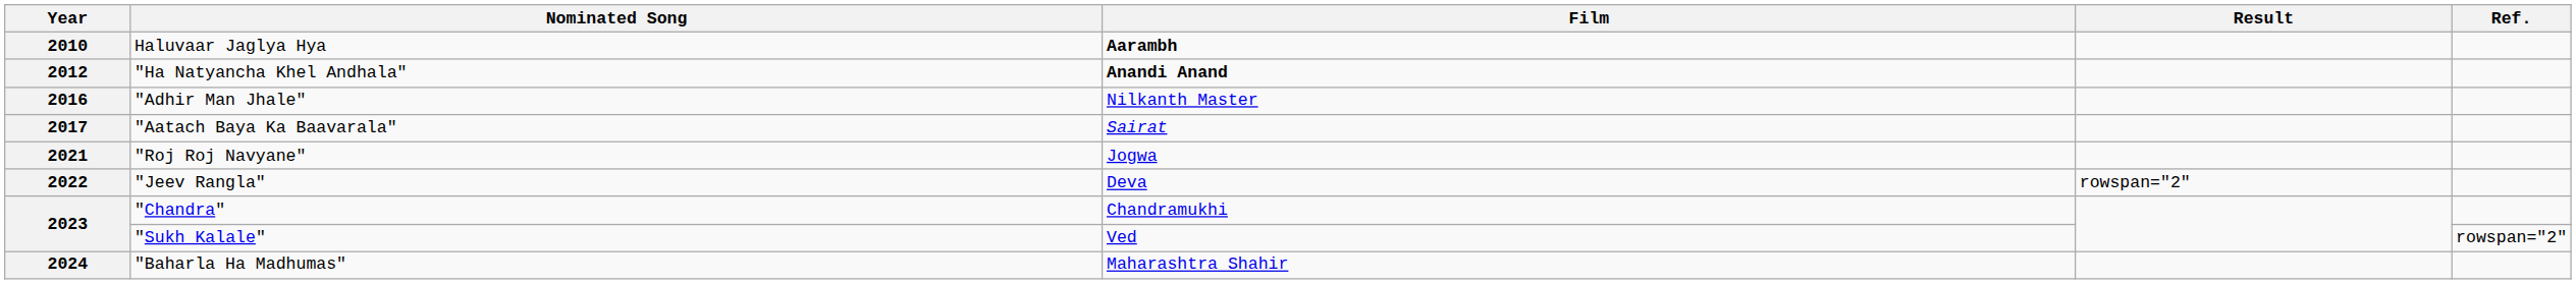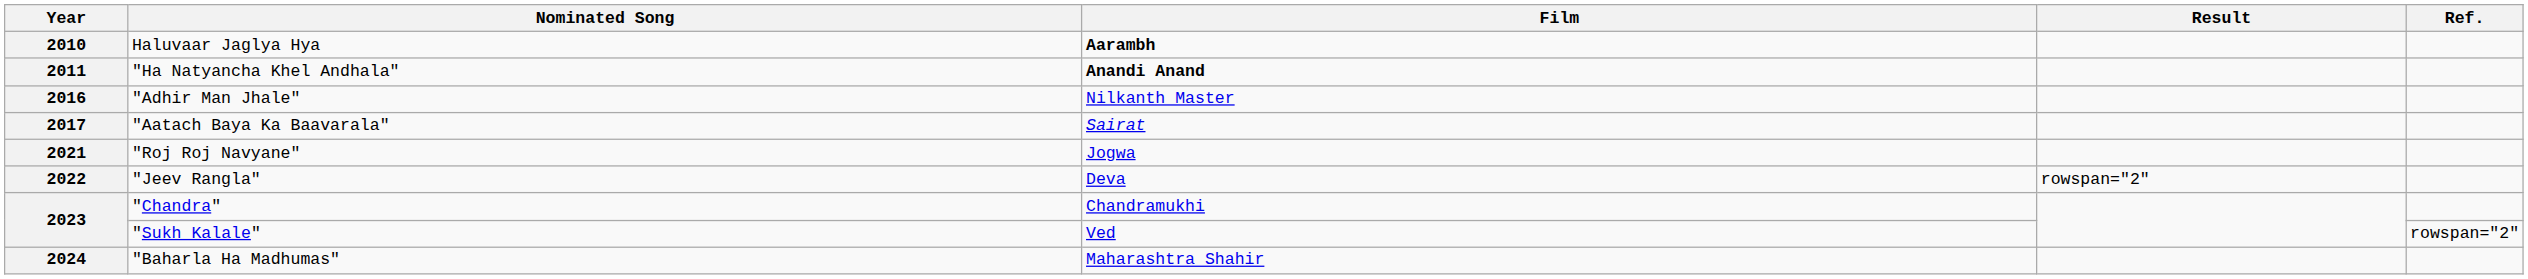 <table class="wikitable plainrowheaders" width="100%" textcolor:#000;">
 <tr>
 <th scope="col" width=5%><strong>Year</strong></th>
 <th scope="col" width=39%><strong>Nominated Song</strong></th>
 <th scope="col" width=39%><strong>Film</strong></th>
 <th scope="col" width=15%><strong>Result</strong></th>
 <th scope="col" width=2%><strong>Ref.</strong></th>
 </tr>
 <tr>
 <th scope="row">2010</th>
 <td>Haluvaar Jaglya Hya</td>
 <td><strong>Aarambh</strong></td>
 <td></td>
 <td></td>
 </tr>
 <tr>
-<th scope="row">2012</th>
+<th scope="row">2011</th>
 <td>"Ha Natyancha Khel Andhala"</td>
 <td><strong>Anandi Anand</strong></td>
 <td></td>
 <td></td>
 </tr>
 <tr>
 <th scope="row">2016</th>
 <td>"Adhir Man Jhale"</td>
 <td><a href='#'>Nilkanth Master</a></td>
 <td></td>
 <td></td>
 </tr>
 <tr>
 <th scope="row">2017</th>
 <td>"Aatach Baya Ka Baavarala"</td>
 <td><em><a href='#'>Sairat</a></em></td>
 <td></td>
 <td></td>
 </tr>
 <tr>
 <th scope="row">2021</th>
 <td>"Roj Roj Navyane"</td>
 <td><a href='#'>Jogwa</a></td>
 <td></td>
 <td></td>
 </tr>
 <tr>
 <th scope="row">2022</th>
 <td>"Jeev Rangla"</td>
 <td><a href='#'>Deva</a></td>
 <td>rowspan="2" </td>
 <td></td>
 </tr>
 <tr>
 <th scope="row" rowspan="2">2023</th>
 <td>"<a href='#'>Chandra</a>"</td>
 <td><a href='#'>Chandramukhi</a></td>
 <td rowspan="2"></td>
 </tr>
 <tr>
 <td>"<a href='#'>Sukh Kalale</a>"</td>
 <td><a href='#'>Ved</a></td>
 <td>rowspan="2" </td>
 </tr>
 <tr>
 <th scope="row">2024</th>
 <td>"Baharla Ha Madhumas"</td>
 <td><a href='#'>Maharashtra Shahir</a></td>
 <td></td>
 </tr>
 </table>
